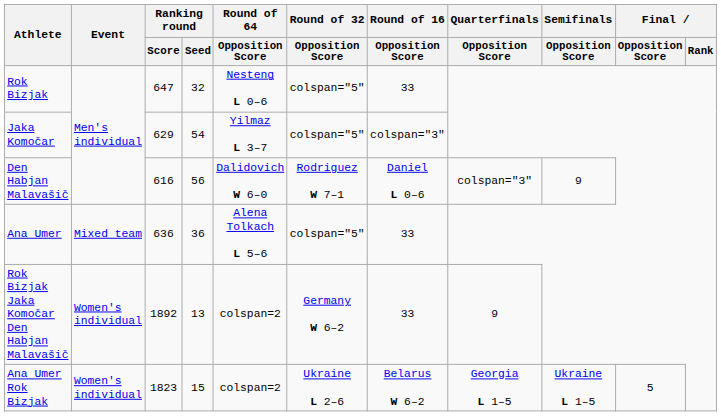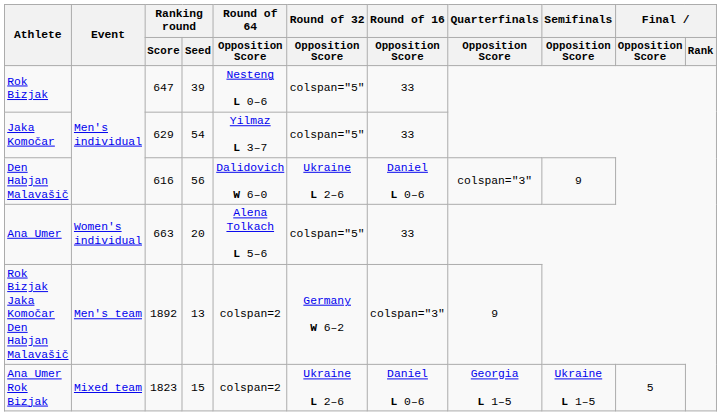 <table class="wikitable" style="font-size:90%">
 <tr>
 <th rowspan=2>Athlete</th>
 <th rowspan=2>Event</th>
 <th colspan=2>Ranking round</th>
 <th>Round of 64</th>
 <th>Round of 32</th>
 <th>Round of 16</th>
 <th>Quarterfinals</th>
 <th>Semifinals</th>
 <th colspan=2>Final / </th>
 </tr>
 <tr style="font-size:95%">
 <th>Score</th>
 <th>Seed</th>
 <th>Opposition<br>Score</th>
 <th>Opposition<br>Score</th>
 <th>Opposition<br>Score</th>
 <th>Opposition<br>Score</th>
 <th>Opposition<br>Score</th>
 <th>Opposition<br>Score</th>
 <th>Rank</th>
 </tr>
 <tr align=center>
 <td align=left><a href='#'>Rok Bizjak</a></td>
 <td style="text-align:left;" rowspan="3"><a href='#'>Men's individual</a></td>
 <td>647</td>
-<td>32</td>
+<td>39</td>
 <td><a href='#'>Nesteng</a><br><br> <strong>L</strong> 0–6</td>
 <td>colspan="5" </td>
 <td>33</td>
 </tr>
 <tr align=center>
 <td align=left><a href='#'>Jaka Komočar</a></td>
 <td>629</td>
 <td>54</td>
 <td><a href='#'>Yilmaz</a><br><br> <strong>L</strong> 3–7</td>
 <td>colspan="5" </td>
-<td>colspan="3" </td>
+<td>33</td>
 </tr>
 <tr align=center>
 <td align=left><a href='#'>Den Habjan Malavašič</a></td>
 <td>616</td>
 <td>56</td>
 <td><a href='#'>Dalidovich</a><br><br><strong>W</strong> 6–0</td>
-<td><a href='#'>Rodriguez</a><br><br><strong>W</strong> 7–1</td>
+<td><a href='#'>Ukraine</a><br><br> <strong>L</strong> 2–6</td>
 <td><a href='#'>Daniel</a><br><br><strong>L</strong> 0–6</td>
 <td>colspan="3" </td>
 <td>9</td>
 </tr>
 <tr align=center>
 <td align=left><a href='#'>Ana Umer</a></td>
-<td align=left><a href='#'>Mixed team</a></td>
-<td>636</td>
-<td>36</td>
+<td align=left><a href='#'>Women's individual</a></td>
+<td>663</td>
+<td>20</td>
 <td><a href='#'>Alena Tolkach</a><br><br> <strong>L</strong> 5–6</td>
 <td>colspan="5" </td>
 <td>33</td>
 </tr>
 <tr align=center>
 <td align=left><a href='#'>Rok Bizjak</a><br><a href='#'>Jaka Komočar</a><br><a href='#'>Den Habjan Malavašič</a></td>
-<td align=left><a href='#'>Women's individual</a></td>
+<td align=left><a href='#'>Men's team</a></td>
 <td>1892</td>
 <td>13</td>
 <td>colspan=2 </td>
 <td><a href='#'>Germany</a><br><br> <strong>W</strong> 6–2</td>
-<td>33</td>
+<td>colspan="3" </td>
 <td>9</td>
 </tr>
 <tr align=center>
 <td align=left><a href='#'>Ana Umer</a><br><a href='#'>Rok Bizjak</a></td>
-<td align=left><a href='#'>Women's individual</a></td>
+<td align=left><a href='#'>Mixed team</a></td>
 <td>1823</td>
 <td>15</td>
 <td>colspan=2 </td>
 <td><a href='#'>Ukraine</a><br><br> <strong>L</strong> 2–6</td>
-<td><a href='#'>Belarus</a><br><br> <strong>W</strong> 6–2</td>
+<td><a href='#'>Daniel</a><br><br><strong>L</strong> 0–6</td>
 <td><a href='#'>Georgia</a><br><br> <strong>L</strong> 1–5</td>
 <td><a href='#'>Ukraine</a><br><br> <strong>L</strong> 1–5</td>
 <td>5</td>
 </tr>
 </table>
